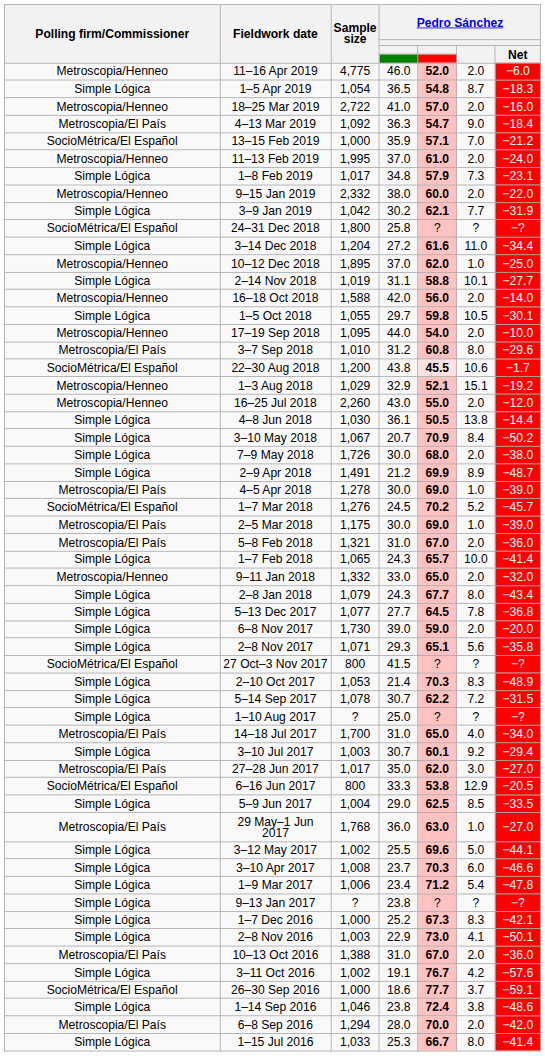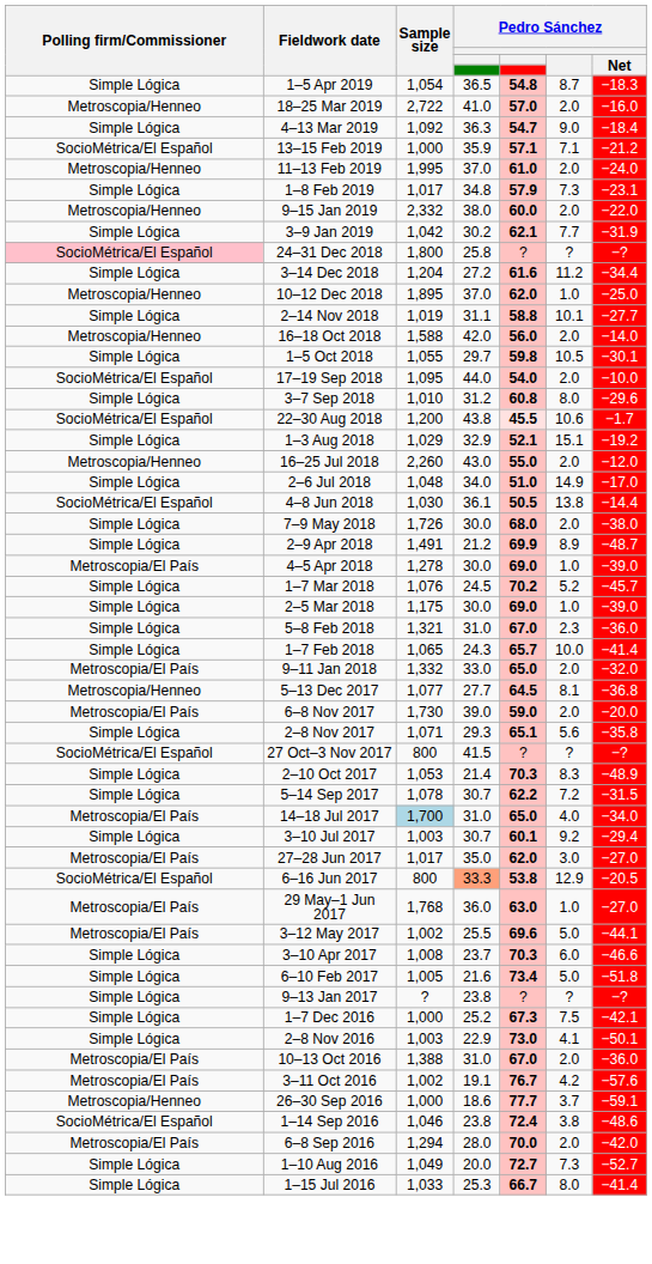 <table class="wikitable collapsible collapsed" style="text-align:center; font-size:90%; line-height:14px;">
 <tr style="height:42px;">
 <th style="width:250px;" rowspan="4">Polling firm/Commissioner</th>
 <th style="width:125px;" rowspan="4">Fieldwork date</th>
 <th style="width:50px;" rowspan="4">Sample size</th>
 <th style="width:185px;" colspan="4"><a href='#'>Pedro Sánchez</a><br></th>
 </tr>
 <tr>
 <th colspan="4" style="background:"></th>
 </tr>
 <tr>
 <th style="width:30px;"></th>
 <th style="width:30px;"></th>
 <th style="width:30px;" rowspan="2"></th>
 <th style="width:30px;" rowspan="2">Net</th>
 </tr>
 <tr>
 <th style="color:inherit;background:#008000;"></th>
 <th style="color:inherit;background:#FF0000;"></th>
 </tr>
 <tr>
-<td>Metroscopia/Henneo</td>
-<td>11–16 Apr 2019</td>
-<td>4,775</td>
-<td>46.0</td>
-<td style="background:#FFC2C1;"><strong>52.0</strong></td>
-<td>2.0</td>
-<td style="background:#FF0000; color:white;">−6.0</td>
-</tr>
-<tr>
 <td>Simple Lógica</td>
 <td>1–5 Apr 2019</td>
 <td>1,054</td>
 <td>36.5</td>
 <td style="background:#FFC2C1;"><strong>54.8</strong></td>
 <td>8.7</td>
 <td style="background:#FF0000; color:white;">−18.3</td>
 </tr>
 <tr>
 <td>Metroscopia/Henneo</td>
 <td>18–25 Mar 2019</td>
 <td>2,722</td>
 <td>41.0</td>
 <td style="background:#FFC2C1;"><strong>57.0</strong></td>
 <td>2.0</td>
 <td style="background:#FF0000; color:white;">−16.0</td>
 </tr>
 <tr>
-<td>Metroscopia/El País</td>
+<td>Simple Lógica</td>
 <td>4–13 Mar 2019</td>
 <td>1,092</td>
 <td>36.3</td>
 <td style="background:#FFC2C1;"><strong>54.7</strong></td>
 <td>9.0</td>
 <td style="background:#FF0000; color:white;">−18.4</td>
 </tr>
 <tr>
 <td>SocioMétrica/El Español</td>
 <td>13–15 Feb 2019</td>
 <td>1,000</td>
 <td>35.9</td>
 <td style="background:#FFC2C1;"><strong>57.1</strong></td>
-<td>7.0</td>
+<td>7.1</td>
 <td style="background:#FF0000; color:white;">−21.2</td>
 </tr>
 <tr>
 <td>Metroscopia/Henneo</td>
 <td>11–13 Feb 2019</td>
 <td>1,995</td>
 <td>37.0</td>
 <td style="background:#FFC2C1;"><strong>61.0</strong></td>
 <td>2.0</td>
 <td style="background:#FF0000; color:white;">−24.0</td>
 </tr>
 <tr>
 <td>Simple Lógica</td>
 <td>1–8 Feb 2019</td>
 <td>1,017</td>
 <td>34.8</td>
 <td style="background:#FFC2C1;"><strong>57.9</strong></td>
 <td>7.3</td>
 <td style="background:#FF0000; color:white;">−23.1</td>
 </tr>
 <tr>
 <td>Metroscopia/Henneo</td>
 <td>9–15 Jan 2019</td>
 <td>2,332</td>
 <td>38.0</td>
 <td style="background:#FFC2C1;"><strong>60.0</strong></td>
 <td>2.0</td>
 <td style="background:#FF0000; color:white;">−22.0</td>
 </tr>
 <tr>
 <td>Simple Lógica</td>
 <td>3–9 Jan 2019</td>
 <td>1,042</td>
 <td>30.2</td>
 <td style="background:#FFC2C1;"><strong>62.1</strong></td>
 <td>7.7</td>
 <td style="background:#FF0000; color:white;">−31.9</td>
 </tr>
 <tr>
-<td>SocioMétrica/El Español</td>
+<td style="background: pink;">SocioMétrica/El Español</td>
 <td>24–31 Dec 2018</td>
 <td>1,800</td>
 <td>25.8</td>
 <td style="background:#FFC2C1;">?</td>
 <td>?</td>
 <td style="background:#FF0000; color:white;">−?</td>
 </tr>
 <tr>
 <td>Simple Lógica</td>
 <td>3–14 Dec 2018</td>
 <td>1,204</td>
 <td>27.2</td>
 <td style="background:#FFC2C1;"><strong>61.6</strong></td>
-<td>11.0</td>
+<td>11.2</td>
 <td style="background:#FF0000; color:white;">−34.4</td>
 </tr>
 <tr>
 <td>Metroscopia/Henneo</td>
 <td>10–12 Dec 2018</td>
 <td>1,895</td>
 <td>37.0</td>
 <td style="background:#FFC2C1;"><strong>62.0</strong></td>
 <td>1.0</td>
 <td style="background:#FF0000; color:white;">−25.0</td>
 </tr>
 <tr>
 <td>Simple Lógica</td>
 <td>2–14 Nov 2018</td>
 <td>1,019</td>
 <td>31.1</td>
 <td style="background:#FFC2C1;"><strong>58.8</strong></td>
 <td>10.1</td>
 <td style="background:#FF0000; color:white;">−27.7</td>
 </tr>
 <tr>
 <td>Metroscopia/Henneo</td>
 <td>16–18 Oct 2018</td>
 <td>1,588</td>
 <td>42.0</td>
 <td style="background:#FFC2C1;"><strong>56.0</strong></td>
 <td>2.0</td>
 <td style="background:#FF0000; color:white;">−14.0</td>
 </tr>
 <tr>
 <td>Simple Lógica</td>
 <td>1–5 Oct 2018</td>
 <td>1,055</td>
 <td>29.7</td>
 <td style="background:#FFC2C1;"><strong>59.8</strong></td>
 <td>10.5</td>
 <td style="background:#FF0000; color:white;">−30.1</td>
 </tr>
 <tr>
-<td>Metroscopia/Henneo</td>
+<td>SocioMétrica/El Español</td>
 <td>17–19 Sep 2018</td>
 <td>1,095</td>
 <td>44.0</td>
 <td style="background:#FFC2C1;"><strong>54.0</strong></td>
 <td>2.0</td>
 <td style="background:#FF0000; color:white;">−10.0</td>
 </tr>
 <tr>
-<td>Metroscopia/El País</td>
+<td>Simple Lógica</td>
 <td>3–7 Sep 2018</td>
 <td>1,010</td>
 <td>31.2</td>
 <td style="background:#FFC2C1;"><strong>60.8</strong></td>
 <td>8.0</td>
 <td style="background:#FF0000; color:white;">−29.6</td>
 </tr>
 <tr>
 <td>SocioMétrica/El Español</td>
 <td>22–30 Aug 2018</td>
 <td>1,200</td>
 <td>43.8</td>
 <td style="background:#FFE2E1;"><strong>45.5</strong></td>
 <td>10.6</td>
 <td style="background:#FF0000; color:white;">−1.7</td>
 </tr>
 <tr>
-<td>Metroscopia/Henneo</td>
+<td>Simple Lógica</td>
 <td>1–3 Aug 2018</td>
 <td>1,029</td>
 <td>32.9</td>
 <td style="background:#FFC2C1;"><strong>52.1</strong></td>
 <td>15.1</td>
 <td style="background:#FF0000; color:white;">−19.2</td>
 </tr>
 <tr>
 <td>Metroscopia/Henneo</td>
 <td>16–25 Jul 2018</td>
 <td>2,260</td>
 <td>43.0</td>
 <td style="background:#FFC2C1;"><strong>55.0</strong></td>
 <td>2.0</td>
 <td style="background:#FF0000; color:white;">−12.0</td>
 </tr>
 <tr>
 <td>Simple Lógica</td>
+<td>2–6 Jul 2018</td>
+<td>1,048</td>
+<td>34.0</td>
+<td style="background:#FFC2C1;"><strong>51.0</strong></td>
+<td>14.9</td>
+<td style="background:#FF0000; color:white;">−17.0</td>
+</tr>
+<tr>
+<td>SocioMétrica/El Español</td>
 <td>4–8 Jun 2018</td>
 <td>1,030</td>
 <td>36.1</td>
 <td style="background:#FFC2C1;"><strong>50.5</strong></td>
 <td>13.8</td>
 <td style="background:#FF0000; color:white;">−14.4</td>
-</tr>
-<tr>
-<td>Simple Lógica</td>
-<td>3–10 May 2018</td>
-<td>1,067</td>
-<td>20.7</td>
-<td style="background:#FFC2C1;"><strong>70.9</strong></td>
-<td>8.4</td>
-<td style="background:#FF0000; color:white;">−50.2</td>
 </tr>
 <tr>
 <td>Simple Lógica</td>
 <td>7–9 May 2018</td>
 <td>1,726</td>
 <td>30.0</td>
 <td style="background:#FFC2C1;"><strong>68.0</strong></td>
 <td>2.0</td>
 <td style="background:#FF0000; color:white;">−38.0</td>
 </tr>
 <tr>
 <td>Simple Lógica</td>
 <td>2–9 Apr 2018</td>
 <td>1,491</td>
 <td>21.2</td>
 <td style="background:#FFC2C1;"><strong>69.9</strong></td>
 <td>8.9</td>
 <td style="background:#FF0000; color:white;">−48.7</td>
 </tr>
 <tr>
 <td>Metroscopia/El País</td>
 <td>4–5 Apr 2018</td>
 <td>1,278</td>
 <td>30.0</td>
 <td style="background:#FFC2C1;"><strong>69.0</strong></td>
 <td>1.0</td>
 <td style="background:#FF0000; color:white;">−39.0</td>
 </tr>
 <tr>
-<td>SocioMétrica/El Español</td>
+<td>Simple Lógica</td>
 <td>1–7 Mar 2018</td>
-<td>1,276</td>
+<td>1,076</td>
 <td>24.5</td>
 <td style="background:#FFC2C1;"><strong>70.2</strong></td>
 <td>5.2</td>
 <td style="background:#FF0000; color:white;">−45.7</td>
 </tr>
 <tr>
-<td>Metroscopia/El País</td>
+<td>Simple Lógica</td>
 <td>2–5 Mar 2018</td>
 <td>1,175</td>
 <td>30.0</td>
 <td style="background:#FFC2C1;"><strong>69.0</strong></td>
 <td>1.0</td>
 <td style="background:#FF0000; color:white;">−39.0</td>
 </tr>
 <tr>
-<td>Metroscopia/El País</td>
+<td>Simple Lógica</td>
 <td>5–8 Feb 2018</td>
 <td>1,321</td>
 <td>31.0</td>
 <td style="background:#FFC2C1;"><strong>67.0</strong></td>
-<td>2.0</td>
+<td>2.3</td>
 <td style="background:#FF0000; color:white;">−36.0</td>
 </tr>
 <tr>
 <td>Simple Lógica</td>
 <td>1–7 Feb 2018</td>
 <td>1,065</td>
 <td>24.3</td>
 <td style="background:#FFC2C1;"><strong>65.7</strong></td>
 <td>10.0</td>
 <td style="background:#FF0000; color:white;">−41.4</td>
 </tr>
 <tr>
-<td>Metroscopia/Henneo</td>
+<td>Metroscopia/El País</td>
 <td>9–11 Jan 2018</td>
 <td>1,332</td>
 <td>33.0</td>
 <td style="background:#FFC2C1;"><strong>65.0</strong></td>
 <td>2.0</td>
 <td style="background:#FF0000; color:white;">−32.0</td>
 </tr>
 <tr>
-<td>Simple Lógica</td>
-<td>2–8 Jan 2018</td>
-<td>1,079</td>
-<td>24.3</td>
-<td style="background:#FFC2C1;"><strong>67.7</strong></td>
-<td>8.0</td>
-<td style="background:#FF0000; color:white;">−43.4</td>
-</tr>
-<tr>
-<td>Simple Lógica</td>
+<td>Metroscopia/Henneo</td>
 <td>5–13 Dec 2017</td>
 <td>1,077</td>
 <td>27.7</td>
 <td style="background:#FFC2C1;"><strong>64.5</strong></td>
-<td>7.8</td>
+<td>8.1</td>
 <td style="background:#FF0000; color:white;">−36.8</td>
 </tr>
 <tr>
-<td>Simple Lógica</td>
+<td>Metroscopia/El País</td>
 <td>6–8 Nov 2017</td>
 <td>1,730</td>
 <td>39.0</td>
 <td style="background:#FFC2C1;"><strong>59.0</strong></td>
 <td>2.0</td>
 <td style="background:#FF0000; color:white;">−20.0</td>
 </tr>
 <tr>
 <td>Simple Lógica</td>
 <td>2–8 Nov 2017</td>
 <td>1,071</td>
 <td>29.3</td>
 <td style="background:#FFC2C1;"><strong>65.1</strong></td>
 <td>5.6</td>
 <td style="background:#FF0000; color:white;">−35.8</td>
 </tr>
 <tr>
 <td>SocioMétrica/El Español</td>
 <td>27 Oct–3 Nov 2017</td>
 <td>800</td>
 <td>41.5</td>
 <td style="background:#FFC2C1;">?</td>
 <td>?</td>
 <td style="background:#FF0000; color:white;">−?</td>
 </tr>
 <tr>
 <td>Simple Lógica</td>
 <td>2–10 Oct 2017</td>
 <td>1,053</td>
 <td>21.4</td>
 <td style="background:#FFC2C1;"><strong>70.3</strong></td>
 <td>8.3</td>
 <td style="background:#FF0000; color:white;">−48.9</td>
 </tr>
 <tr>
 <td>Simple Lógica</td>
 <td>5–14 Sep 2017</td>
 <td>1,078</td>
 <td>30.7</td>
 <td style="background:#FFC2C1;"><strong>62.2</strong></td>
 <td>7.2</td>
 <td style="background:#FF0000; color:white;">−31.5</td>
 </tr>
 <tr>
-<td>Simple Lógica</td>
-<td>1–10 Aug 2017</td>
-<td>?</td>
-<td>25.0</td>
-<td style="background:#FFC2C1;">?</td>
-<td>?</td>
-<td style="background:#FF0000; color:white;">−?</td>
-</tr>
-<tr>
 <td>Metroscopia/El País</td>
 <td>14–18 Jul 2017</td>
-<td>1,700</td>
+<td style="background: lightblue;">1,700</td>
 <td>31.0</td>
 <td style="background:#FFC2C1;"><strong>65.0</strong></td>
 <td>4.0</td>
 <td style="background:#FF0000; color:white;">−34.0</td>
 </tr>
 <tr>
 <td>Simple Lógica</td>
 <td>3–10 Jul 2017</td>
 <td>1,003</td>
 <td>30.7</td>
 <td style="background:#FFC2C1;"><strong>60.1</strong></td>
 <td>9.2</td>
 <td style="background:#FF0000; color:white;">−29.4</td>
 </tr>
 <tr>
 <td>Metroscopia/El País</td>
 <td>27–28 Jun 2017</td>
 <td>1,017</td>
 <td>35.0</td>
 <td style="background:#FFC2C1;"><strong>62.0</strong></td>
 <td>3.0</td>
 <td style="background:#FF0000; color:white;">−27.0</td>
 </tr>
 <tr>
 <td>SocioMétrica/El Español</td>
 <td>6–16 Jun 2017</td>
 <td>800</td>
-<td>33.3</td>
+<td style="background: lightsalmon;">33.3</td>
 <td style="background:#FFC2C1;"><strong>53.8</strong></td>
 <td>12.9</td>
 <td style="background:#FF0000; color:white;">−20.5</td>
-</tr>
-<tr>
-<td>Simple Lógica</td>
-<td>5–9 Jun 2017</td>
-<td>1,004</td>
-<td>29.0</td>
-<td style="background:#FFC2C1;"><strong>62.5</strong></td>
-<td>8.5</td>
-<td style="background:#FF0000; color:white;">−33.5</td>
 </tr>
 <tr>
 <td>Metroscopia/El País</td>
 <td>29 May–1 Jun 2017</td>
 <td>1,768</td>
 <td>36.0</td>
 <td style="background:#FFC2C1;"><strong>63.0</strong></td>
 <td>1.0</td>
 <td style="background:#FF0000; color:white;">−27.0</td>
 </tr>
 <tr>
-<td>Simple Lógica</td>
+<td>Metroscopia/El País</td>
 <td>3–12 May 2017</td>
 <td>1,002</td>
 <td>25.5</td>
 <td style="background:#FFC2C1;"><strong>69.6</strong></td>
 <td>5.0</td>
 <td style="background:#FF0000; color:white;">−44.1</td>
 </tr>
 <tr>
 <td>Simple Lógica</td>
 <td>3–10 Apr 2017</td>
 <td>1,008</td>
 <td>23.7</td>
 <td style="background:#FFC2C1;"><strong>70.3</strong></td>
 <td>6.0</td>
 <td style="background:#FF0000; color:white;">−46.6</td>
 </tr>
 <tr>
 <td>Simple Lógica</td>
-<td>1–9 Mar 2017</td>
-<td>1,006</td>
-<td>23.4</td>
-<td style="background:#FFC2C1;"><strong>71.2</strong></td>
-<td>5.4</td>
-<td style="background:#FF0000; color:white;">−47.8</td>
+<td>6–10 Feb 2017</td>
+<td>1,005</td>
+<td>21.6</td>
+<td style="background:#FFC2C1;"><strong>73.4</strong></td>
+<td>5.0</td>
+<td style="background:#FF0000; color:white;">−51.8</td>
 </tr>
 <tr>
 <td>Simple Lógica</td>
 <td>9–13 Jan 2017</td>
 <td>?</td>
 <td>23.8</td>
 <td style="background:#FFC2C1;">?</td>
 <td>?</td>
 <td style="background:#FF0000; color:white;">−?</td>
 </tr>
 <tr>
 <td>Simple Lógica</td>
 <td>1–7 Dec 2016</td>
 <td>1,000</td>
 <td>25.2</td>
 <td style="background:#FFC2C1;"><strong>67.3</strong></td>
-<td>8.3</td>
+<td>7.5</td>
 <td style="background:#FF0000; color:white;">−42.1</td>
 </tr>
 <tr>
 <td>Simple Lógica</td>
 <td>2–8 Nov 2016</td>
 <td>1,003</td>
 <td>22.9</td>
 <td style="background:#FFC2C1;"><strong>73.0</strong></td>
 <td>4.1</td>
 <td style="background:#FF0000; color:white;">−50.1</td>
 </tr>
 <tr>
 <td>Metroscopia/El País</td>
 <td>10–13 Oct 2016</td>
 <td>1,388</td>
 <td>31.0</td>
 <td style="background:#FFC2C1;"><strong>67.0</strong></td>
 <td>2.0</td>
 <td style="background:#FF0000; color:white;">−36.0</td>
 </tr>
 <tr>
-<td>Simple Lógica</td>
+<td>Metroscopia/El País</td>
 <td>3–11 Oct 2016</td>
 <td>1,002</td>
 <td>19.1</td>
 <td style="background:#FFC2C1;"><strong>76.7</strong></td>
 <td>4.2</td>
 <td style="background:#FF0000; color:white;">−57.6</td>
 </tr>
 <tr>
-<td>SocioMétrica/El Español</td>
+<td>Metroscopia/Henneo</td>
 <td>26–30 Sep 2016</td>
 <td>1,000</td>
 <td>18.6</td>
 <td style="background:#FFC2C1;"><strong>77.7</strong></td>
 <td>3.7</td>
 <td style="background:#FF0000; color:white;">−59.1</td>
 </tr>
 <tr>
-<td>Simple Lógica</td>
+<td>SocioMétrica/El Español</td>
 <td>1–14 Sep 2016</td>
 <td>1,046</td>
 <td>23.8</td>
 <td style="background:#FFC2C1;"><strong>72.4</strong></td>
 <td>3.8</td>
 <td style="background:#FF0000; color:white;">−48.6</td>
 </tr>
 <tr>
 <td>Metroscopia/El País</td>
 <td>6–8 Sep 2016</td>
 <td>1,294</td>
 <td>28.0</td>
 <td style="background:#FFC2C1;"><strong>70.0</strong></td>
 <td>2.0</td>
 <td style="background:#FF0000; color:white;">−42.0</td>
 </tr>
 <tr>
 <td>Simple Lógica</td>
+<td>1–10 Aug 2016</td>
+<td>1,049</td>
+<td>20.0</td>
+<td style="background:#FFC2C1;"><strong>72.7</strong></td>
+<td>7.3</td>
+<td style="background:#FF0000; color:white;">−52.7</td>
+</tr>
+<tr>
+<td>Simple Lógica</td>
 <td>1–15 Jul 2016</td>
 <td>1,033</td>
 <td>25.3</td>
 <td style="background:#FFC2C1;"><strong>66.7</strong></td>
 <td>8.0</td>
 <td style="background:#FF0000; color:white;">−41.4</td>
 </tr>
 </table>
